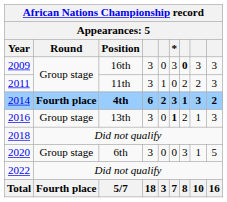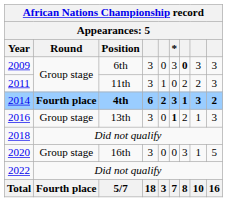 <table class="wikitable" style="text-align: center;">
 <tr>
 <th colspan=9><a href='#'>African Nations Championship</a> record</th>
 </tr>
 <tr>
 <th colspan=9>Appearances: 5</th>
 </tr>
 <tr>
 <th>Year</th>
 <th>Round</th>
 <th>Position</th>
 <th></th>
 <th></th>
 <th>*</th>
 <th></th>
 <th></th>
 <th></th>
 </tr>
 <tr>
 <td> <a href='#'>2009</a></td>
 <td rowspan=2>Group stage</td>
-<td>16th</td>
+<td>6th</td>
 <td>3</td>
 <td>0</td>
 <td>3</td>
 <td><strong>0</strong></td>
 <td>3</td>
 <td>3</td>
 </tr>
 <tr>
 <td> <a href='#'>2011</a></td>
 <td>11th</td>
 <td>3</td>
 <td>1</td>
 <td>0</td>
 <td>2</td>
 <td>2</td>
 <td>3</td>
 </tr>
 <tr bgcolor=#9acdff>
 <td> <a href='#'>2014</a></td>
 <td><strong>Fourth place</strong></td>
 <td><strong>4th</strong></td>
 <td><strong>6</strong></td>
 <td><strong>2</strong></td>
 <td><strong>3</strong></td>
 <td><strong>1</strong></td>
 <td><strong>3</strong></td>
 <td><strong>2</strong></td>
 </tr>
 <tr>
 <td> <a href='#'>2016</a></td>
 <td>Group stage</td>
 <td>13th</td>
 <td>3</td>
 <td>0</td>
 <td><strong>1</strong></td>
 <td>2</td>
 <td>1</td>
 <td>3</td>
 </tr>
 <tr>
 <td> <a href='#'>2018</a></td>
 <td colspan="8"><em>Did not qualify</em></td>
 </tr>
 <tr>
 <td> <a href='#'>2020</a></td>
 <td>Group stage</td>
-<td>6th</td>
+<td>16th</td>
 <td>3</td>
 <td>0</td>
 <td>0</td>
 <td>3</td>
 <td>1</td>
 <td 5>5</td>
 </tr>
 <tr>
 <td> <a href='#'>2022</a></td>
 <td colspan="8"><em>Did not qualify</em></td>
 </tr>
 <tr>
 <th><strong>Total</strong></th>
 <th><strong>Fourth place</strong></th>
 <th><strong>5/7</strong></th>
 <th><strong>18</strong></th>
 <th><strong>3</strong></th>
 <th><strong>7</strong></th>
 <th><strong>8</strong></th>
 <th><strong>10</strong></th>
 <th><strong>16</strong></th>
 </tr>
 </table>
